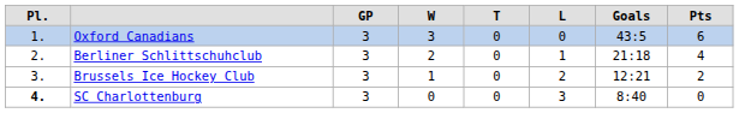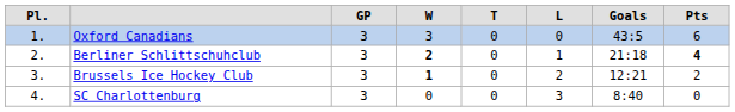 <table class="wikitable" width="60%">
 <tr style="font-weight:bold; background-color:#e0e0e0;" align="center" |>
 <td width="5%">Pl.</td>
 <td width="20%"></td>
 <td width="5%">GP</td>
 <td width="5%">W</td>
 <td width="5%">T</td>
 <td width="5%">L</td>
 <td width="5%">Goals</td>
 <td width="5%">Pts</td>
 </tr>
 <tr align="center" bgcolor="#BCD2EE">
 <td>1.</td>
 <td align="left"> <a href='#'>Oxford Canadians</a></td>
 <td>3</td>
 <td>3</td>
 <td>0</td>
 <td>0</td>
 <td>43:5</td>
 <td>6</td>
 </tr>
 <tr align="center" bgcolor="#FFFFFF">
 <td>2.</td>
 <td align="left"> <a href='#'>Berliner Schlittschuhclub</a></td>
 <td>3</td>
-<td>2</td>
+<td><strong>2</strong></td>
 <td>0</td>
 <td>1</td>
 <td>21:18</td>
-<td>4</td>
+<td><strong>4</strong></td>
 </tr>
 <tr align="center" bgcolor="#FFFFFF">
 <td>3.</td>
 <td align="left"> <a href='#'>Brussels Ice Hockey Club</a></td>
 <td>3</td>
-<td>1</td>
+<td><strong>1</strong></td>
 <td>0</td>
 <td>2</td>
 <td>12:21</td>
 <td>2</td>
 </tr>
 <tr align="center" bgcolor="#FFFFFF">
-<td><strong>4.</strong></td>
+<td>4.</td>
 <td align="left"> <a href='#'>SC Charlottenburg</a></td>
 <td>3</td>
 <td>0</td>
 <td>0</td>
 <td>3</td>
 <td>8:40</td>
 <td>0</td>
 </tr>
 </table>
